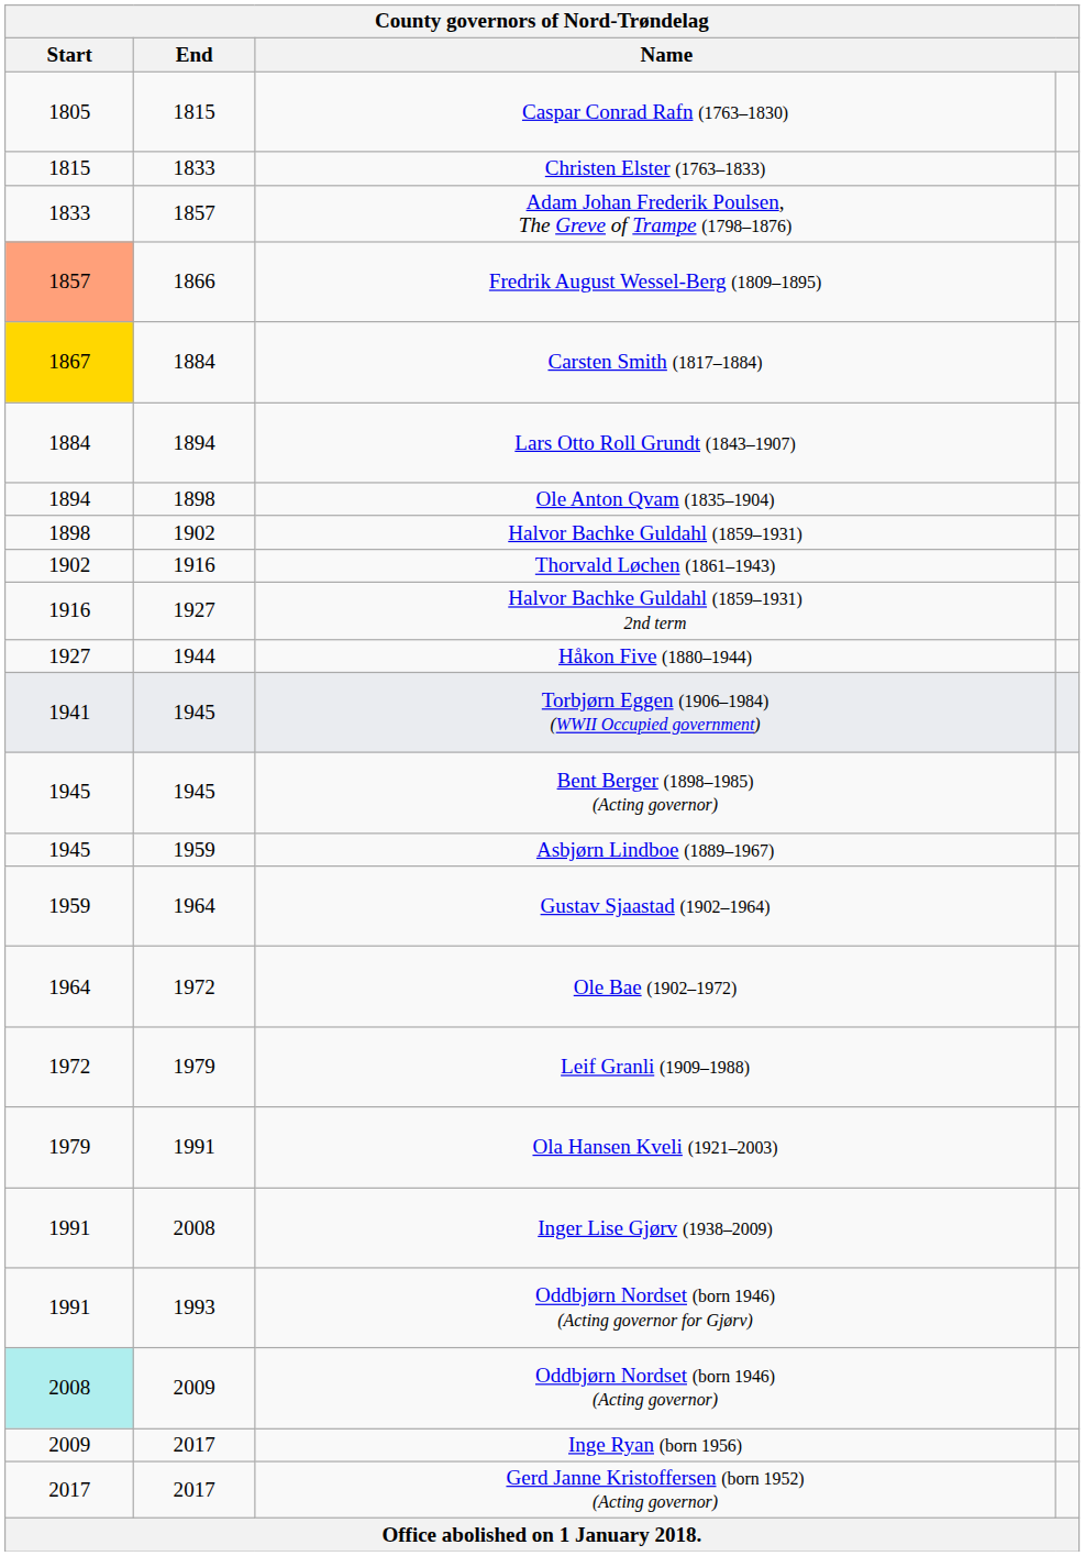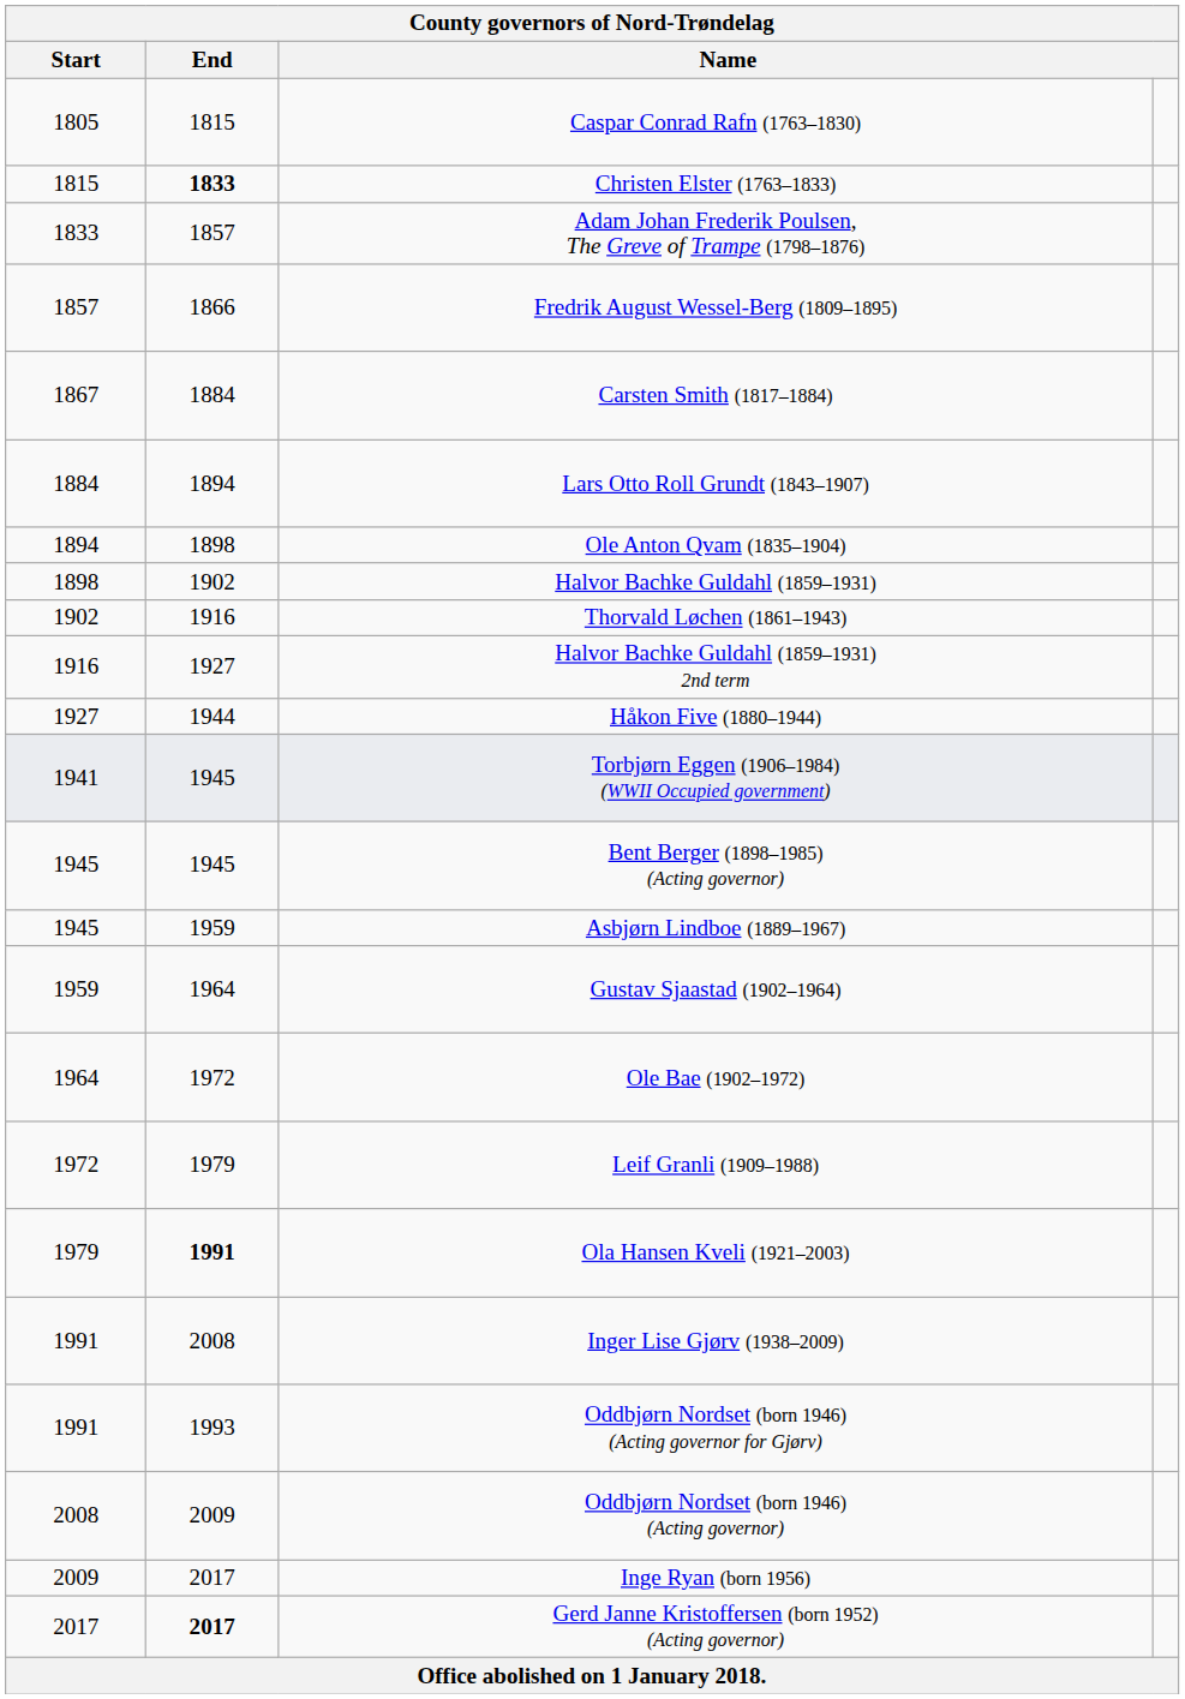 <table class="wikitable" style="text-align:center" width="65%">
 <tr>
 <th colspan=5>County governors of Nord-Trøndelag</th>
 </tr>
 <tr>
 <th>Start</th>
 <th>End</th>
 <th colspan="2">Name</th>
 </tr>
 <tr>
 <td>1805</td>
 <td>1815</td>
 <td><a href='#'>Caspar Conrad Rafn</a> <small>(1763–1830)</small></td>
 <td><br><br><br></td>
 </tr>
 <tr>
 <td>1815</td>
-<td>1833</td>
+<td><strong>1833</strong></td>
 <td><a href='#'>Christen Elster</a> <small>(1763–1833)</small></td>
 <td></td>
 </tr>
 <tr>
 <td>1833</td>
 <td>1857</td>
 <td><a href='#'>Adam Johan Frederik Poulsen</a>,<br><em>The <a href='#'>Greve</a> of <a href='#'>Trampe</a></em> <small>(1798–1876)</small></td>
 <td></td>
 </tr>
 <tr>
-<td style="background: lightsalmon;">1857</td>
+<td>1857</td>
 <td>1866</td>
 <td><a href='#'>Fredrik August Wessel-Berg</a> <small>(1809–1895)</small></td>
 <td><br><br><br></td>
 </tr>
 <tr>
-<td style="background: gold;">1867</td>
+<td>1867</td>
 <td>1884</td>
 <td><a href='#'>Carsten Smith</a> <small>(1817–1884)</small></td>
 <td><br><br><br></td>
 </tr>
 <tr>
 <td>1884</td>
 <td>1894</td>
 <td><a href='#'>Lars Otto Roll Grundt</a> <small>(1843–1907)</small></td>
 <td><br><br><br></td>
 </tr>
 <tr>
 <td>1894</td>
 <td>1898</td>
 <td><a href='#'>Ole Anton Qvam</a> <small>(1835–1904)</small></td>
 <td></td>
 </tr>
 <tr>
 <td>1898</td>
 <td>1902</td>
 <td><a href='#'>Halvor Bachke Guldahl</a> <small>(1859–1931)</small></td>
 <td></td>
 </tr>
 <tr>
 <td>1902</td>
 <td>1916</td>
 <td><a href='#'>Thorvald Løchen</a> <small>(1861–1943)</small></td>
 <td></td>
 </tr>
 <tr>
 <td>1916</td>
 <td>1927</td>
 <td><a href='#'>Halvor Bachke Guldahl</a> <small>(1859–1931)</small><br><small><em>2nd term</em></small></td>
 <td></td>
 </tr>
 <tr>
 <td>1927</td>
 <td>1944</td>
 <td><a href='#'>Håkon Five</a> <small>(1880–1944)</small></td>
 <td></td>
 </tr>
 <tr bgcolor="#EAECF0">
 <td>1941</td>
 <td>1945</td>
 <td><a href='#'>Torbjørn Eggen</a> <small>(1906–1984)</small><br><small><em>(<a href='#'>WWII Occupied government</a>)</em></small></td>
 <td><br><br><br></td>
 </tr>
 <tr>
 <td>1945</td>
 <td>1945</td>
 <td><a href='#'>Bent Berger</a> <small>(1898–1985)</small><br><small><em>(Acting governor)</em></small></td>
 <td><br><br><br></td>
 </tr>
 <tr>
 <td>1945</td>
 <td>1959</td>
 <td><a href='#'>Asbjørn Lindboe</a> <small>(1889–1967)</small></td>
 <td></td>
 </tr>
 <tr>
 <td>1959</td>
 <td>1964</td>
 <td><a href='#'>Gustav Sjaastad</a> <small>(1902–1964)</small></td>
 <td><br><br><br></td>
 </tr>
 <tr>
 <td>1964</td>
 <td>1972</td>
 <td><a href='#'>Ole Bae</a> <small>(1902–1972)</small></td>
 <td><br><br><br></td>
 </tr>
 <tr>
 <td>1972</td>
 <td>1979</td>
 <td><a href='#'>Leif Granli</a> <small>(1909–1988)</small></td>
 <td><br><br><br></td>
 </tr>
 <tr>
 <td>1979</td>
-<td>1991</td>
+<td><strong>1991</strong></td>
 <td><a href='#'>Ola Hansen Kveli</a> <small>(1921–2003)</small></td>
 <td><br><br><br></td>
 </tr>
 <tr>
 <td>1991</td>
 <td>2008</td>
 <td><a href='#'>Inger Lise Gjørv</a> <small>(1938–2009)</small></td>
 <td><br><br><br></td>
 </tr>
 <tr>
 <td>1991</td>
 <td>1993</td>
 <td><a href='#'>Oddbjørn Nordset</a> <small>(born 1946)</small><br><small><em>(Acting governor for Gjørv)</em></small></td>
 <td><br><br><br></td>
 </tr>
 <tr>
-<td style="background: paleturquoise;">2008</td>
+<td>2008</td>
 <td>2009</td>
 <td><a href='#'>Oddbjørn Nordset</a> <small>(born 1946)</small><br><small><em>(Acting governor)</em></small></td>
 <td><br><br><br></td>
 </tr>
 <tr>
 <td>2009</td>
 <td>2017</td>
 <td><a href='#'>Inge Ryan</a> <small>(born 1956)</small></td>
 <td></td>
 </tr>
 <tr>
 <td>2017</td>
-<td>2017</td>
+<td><strong>2017</strong></td>
 <td><a href='#'>Gerd Janne Kristoffersen</a> <small>(born 1952)</small><br><small><em>(Acting governor)</em></small></td>
 <td></td>
 </tr>
 <tr>
 <th colspan="5">Office abolished on 1 January 2018.</th>
 </tr>
 </table>
